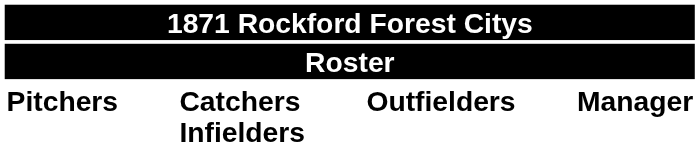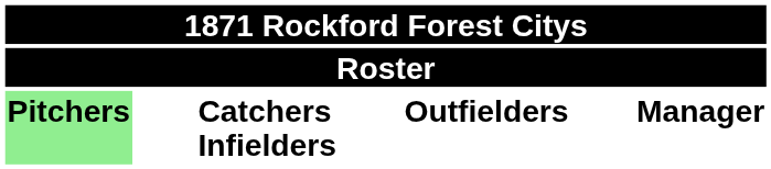 <table class="toccolours" style="font-size: 95%;">
 <tr>
 <th colspan="10" style="background-color: black; color: white; text-align: center;">1871 Rockford Forest Citys</th>
 </tr>
 <tr>
 <td colspan="10" style="background-color:black; color: white; text-align: center;"><strong>Roster</strong></td>
 </tr>
 <tr>
-<td valign="top"><strong>Pitchers</strong><br></td>
+<td valign="top" style="background: lightgreen;"><strong>Pitchers</strong><br></td>
 <td width="25px"></td>
 <td valign="top"><strong>Catchers</strong><br> <strong>Infielders</strong>     </td>
 <td width="25px"></td>
 <td valign="top"><strong>Outfielders</strong><br>   </td>
 <td width="25px"></td>
 <td valign="top"><strong>Manager</strong><br></td>
 </tr>
 </table>
